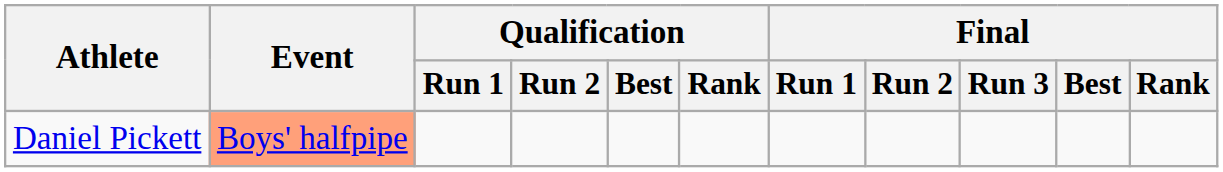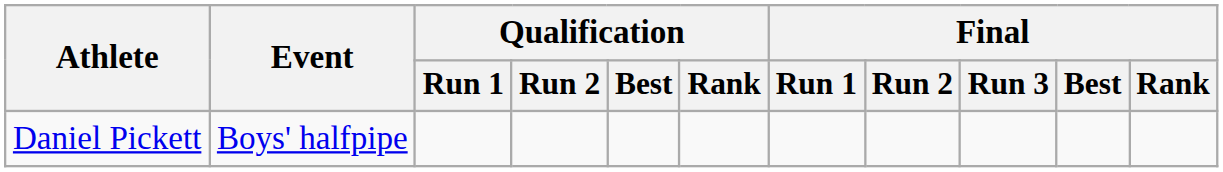 <table class="wikitable" style="font-size:90%">
 <tr>
 <th rowspan=2>Athlete</th>
 <th rowspan=2>Event</th>
 <th colspan=4>Qualification</th>
 <th colspan=5>Final</th>
 </tr>
 <tr style="font-size:95%">
 <th>Run 1</th>
 <th>Run 2</th>
 <th>Best</th>
 <th>Rank</th>
 <th>Run 1</th>
 <th>Run 2</th>
 <th>Run 3</th>
 <th>Best</th>
 <th>Rank</th>
 </tr>
 <tr align=center>
 <td align=left><a href='#'>Daniel Pickett</a></td>
-<td align=left style="background: lightsalmon;"><a href='#'>Boys' halfpipe</a></td>
+<td align=left><a href='#'>Boys' halfpipe</a></td>
 <td></td>
 <td></td>
 <td></td>
 <td></td>
 <td></td>
 <td></td>
 <td></td>
 <td></td>
 <td></td>
 </tr>
 </table>
